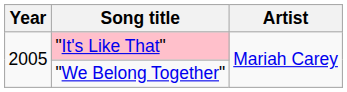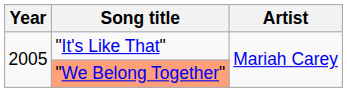 <table class="wikitable plainrowheaders sortable">
 <tr>
 <th scope="col">Year</th>
 <th scope="col">Song title</th>
 <th scope="col">Artist</th>
 </tr>
 <tr>
 <td rowspan="2">2005</td>
-<td scope="row" style="background: pink;">"<a href='#'>It's Like That</a>"</td>
+<td scope="row">"<a href='#'>It's Like That</a>"</td>
 <td rowspan="2"><a href='#'>Mariah Carey</a></td>
 </tr>
 <tr>
-<td scope="row">"<a href='#'>We Belong Together</a>"</td>
+<td scope="row" style="background: lightsalmon;">"<a href='#'>We Belong Together</a>"</td>
 </tr>
 </table>
